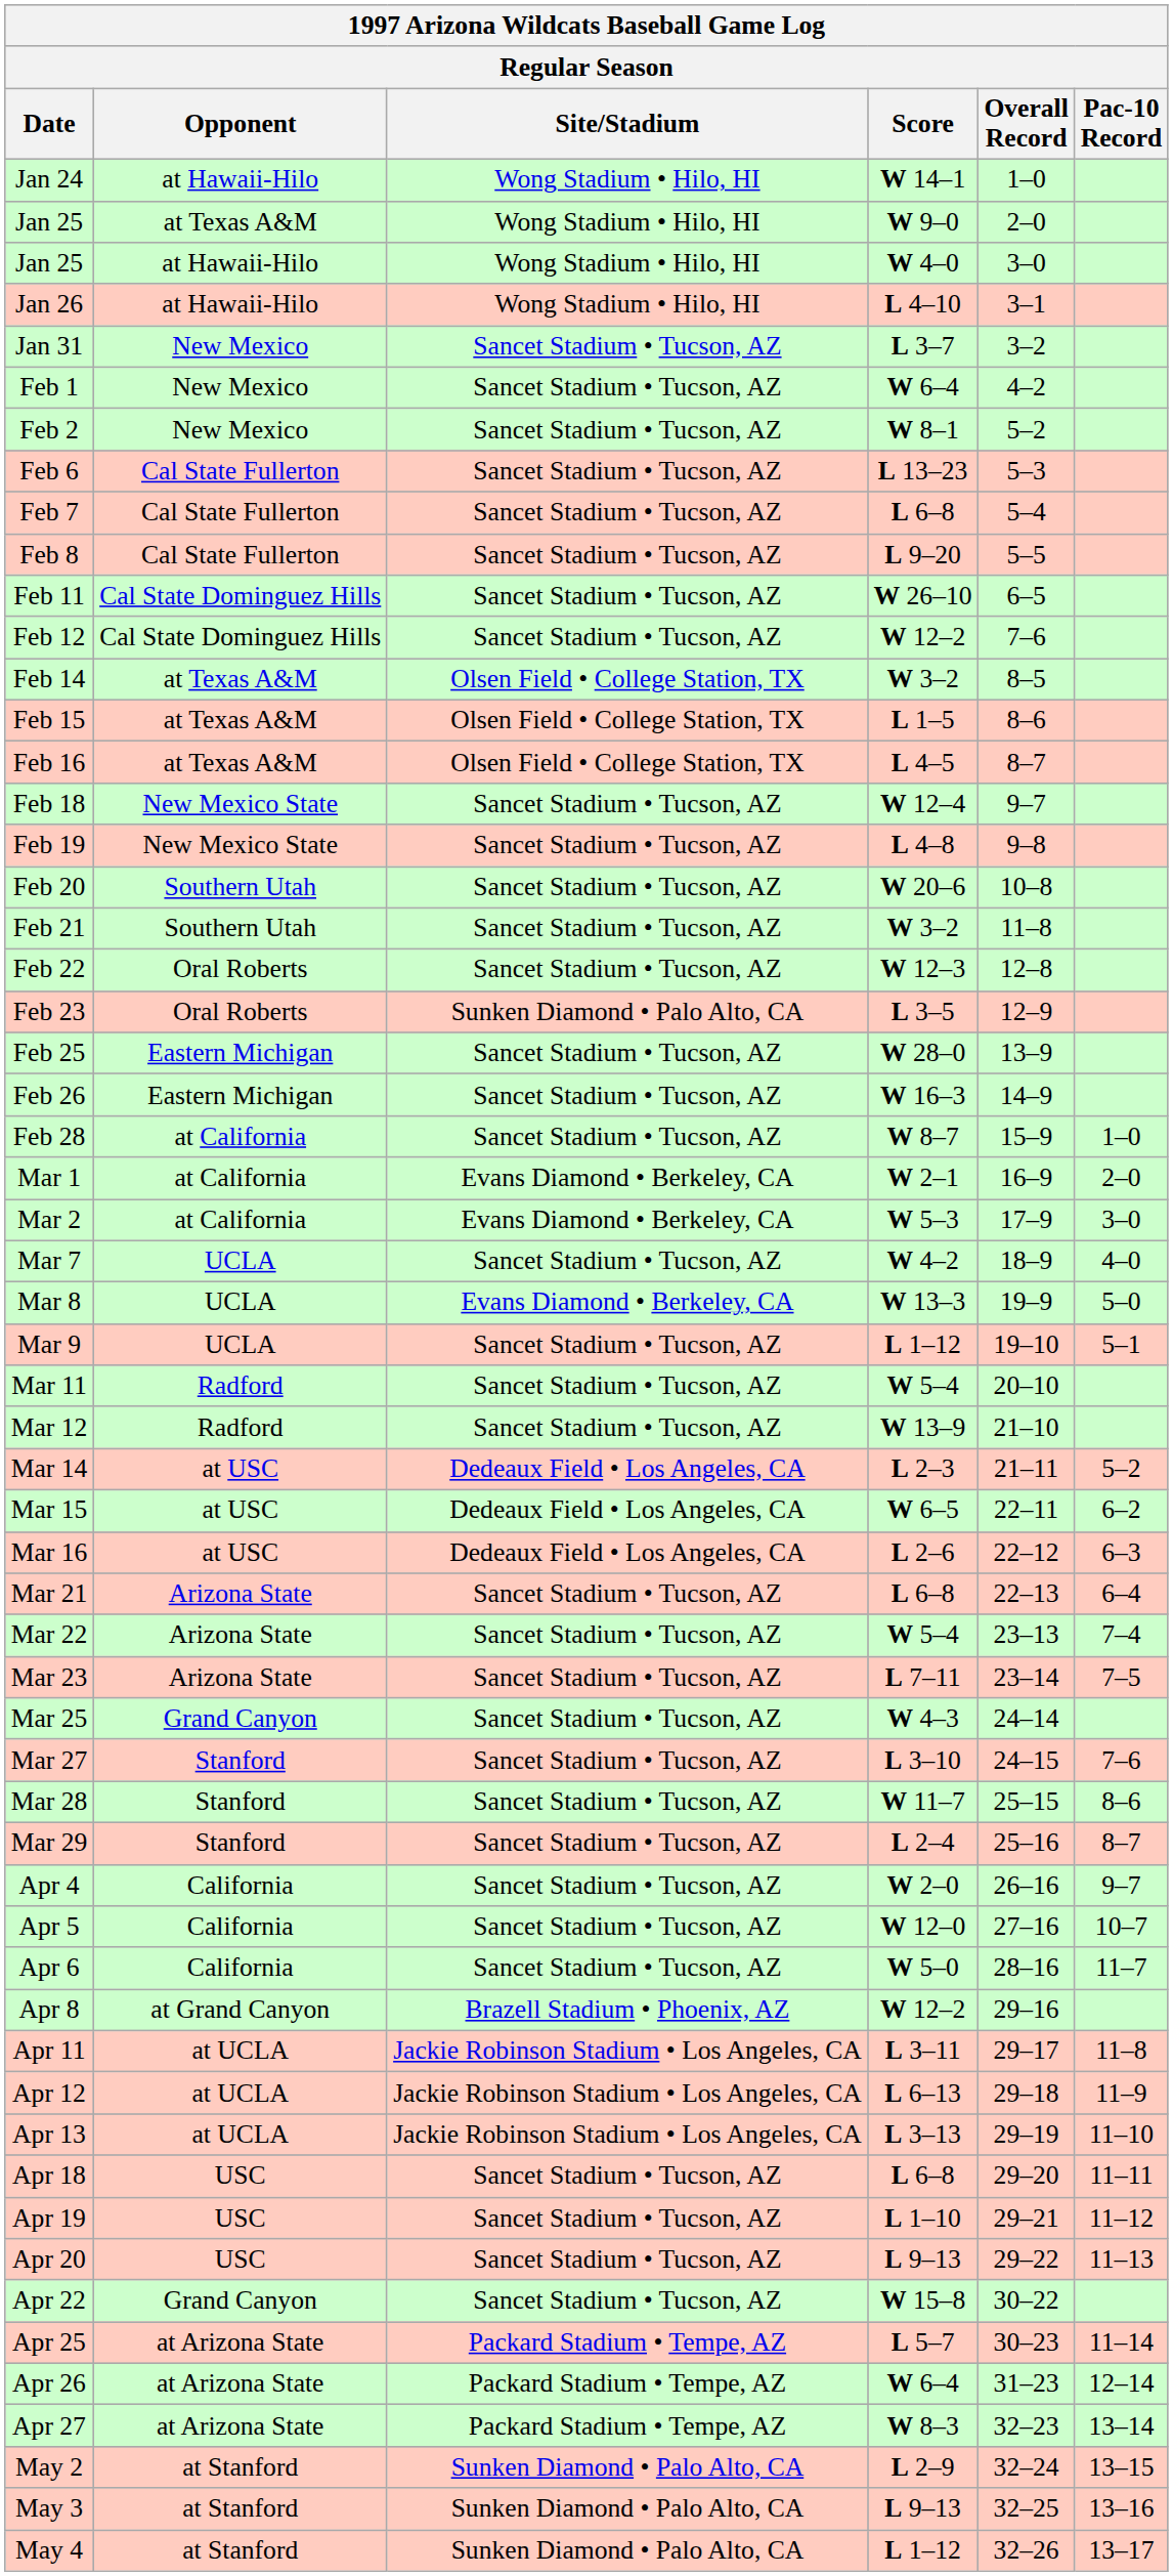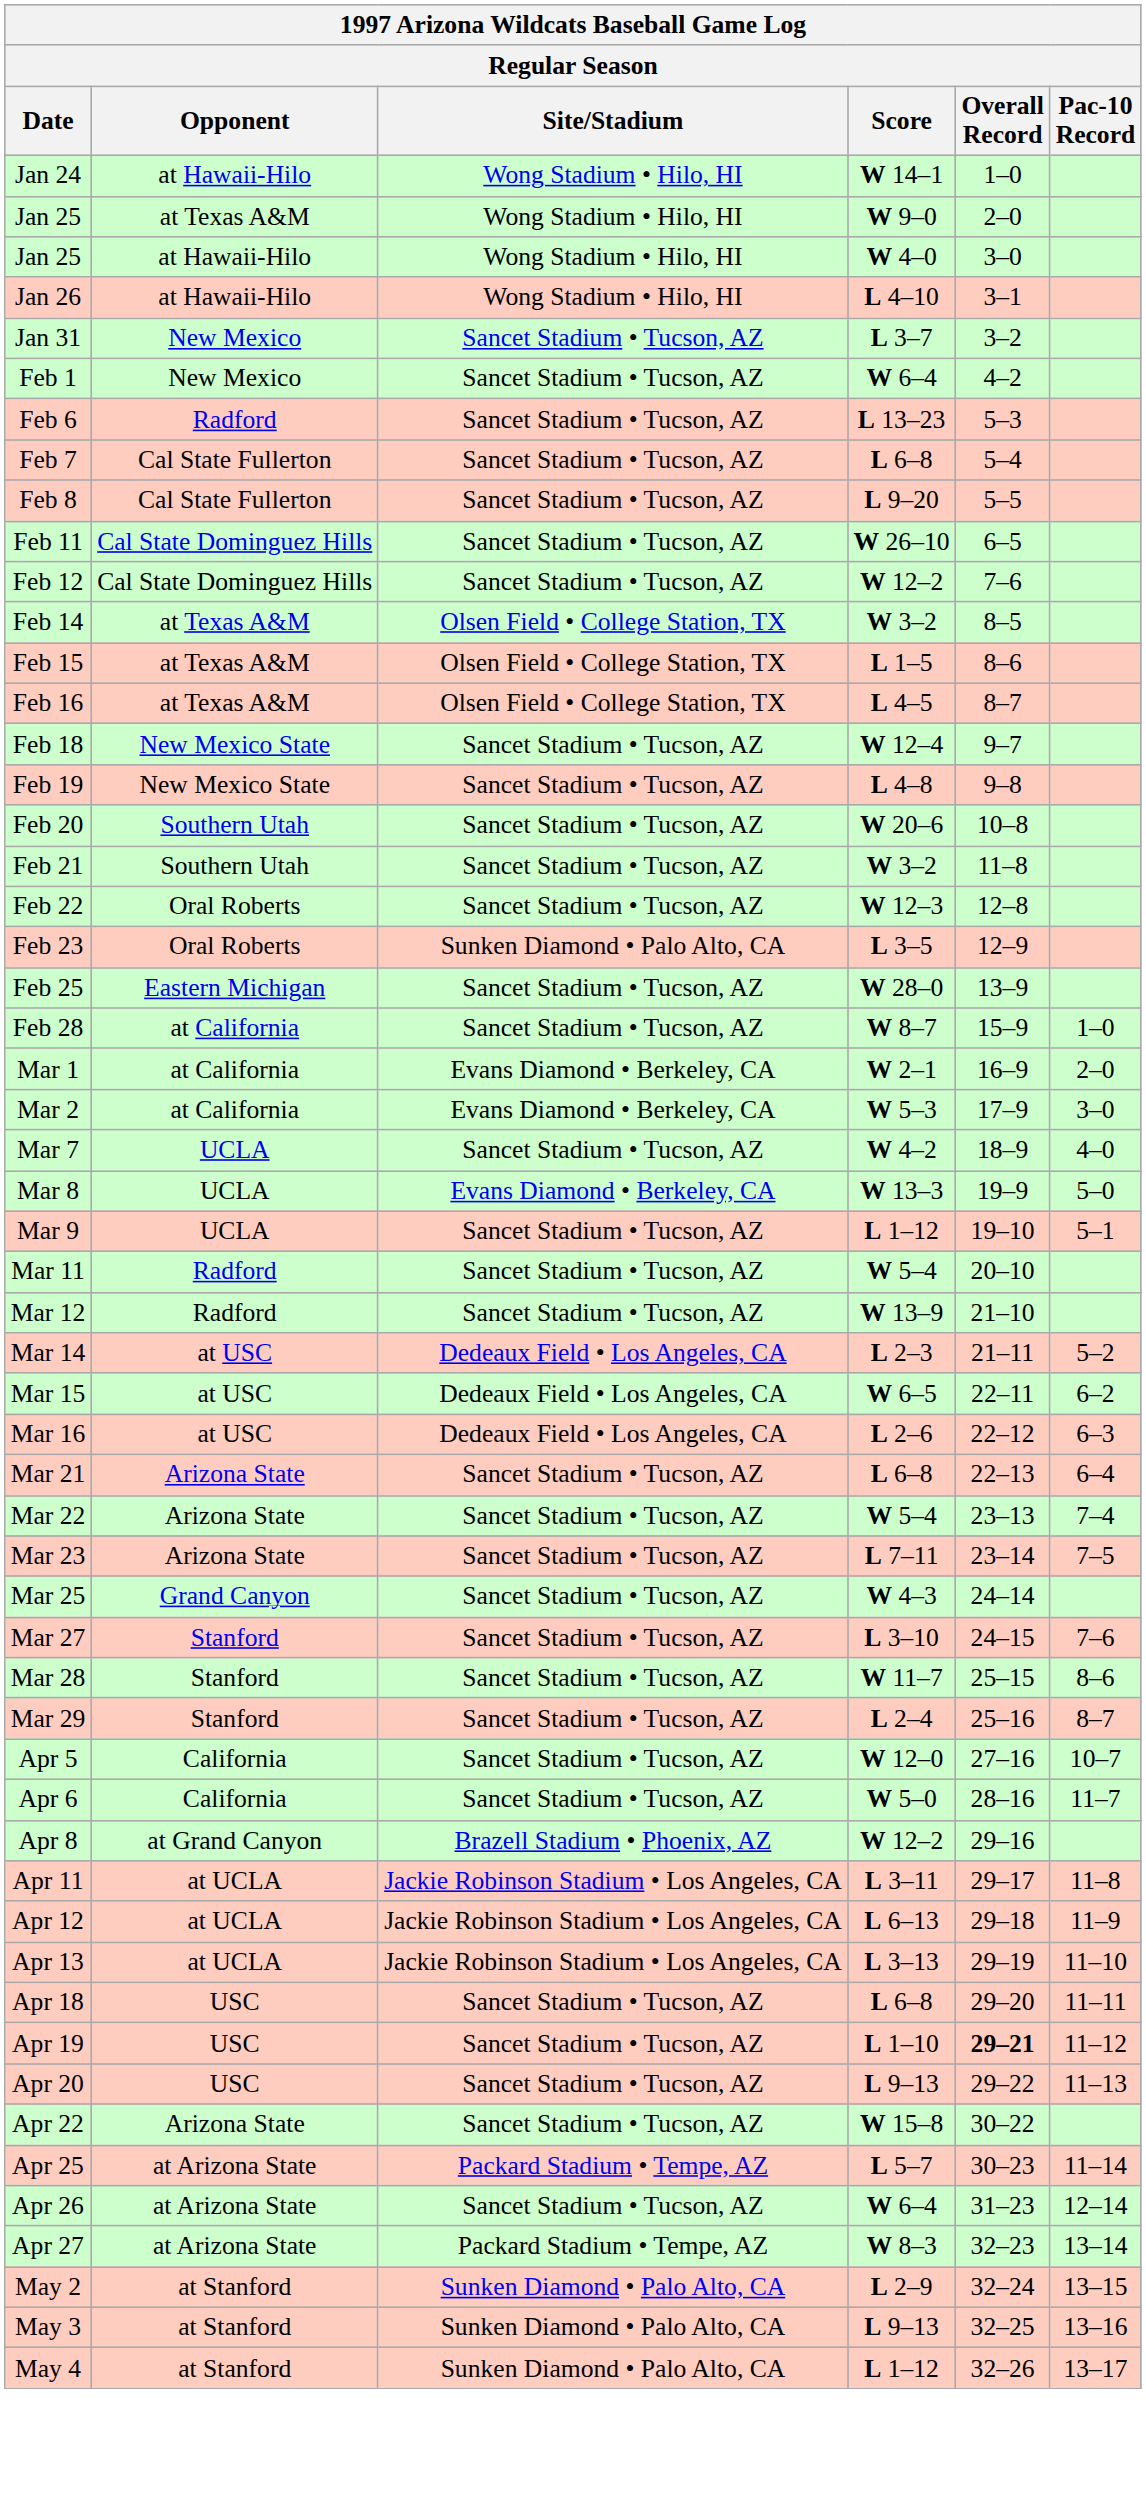 <table class="wikitable">
 <tr>
 <th colspan="6">1997 Arizona Wildcats Baseball Game Log</th>
 </tr>
 <tr>
 <th colspan="6">Regular Season</th>
 </tr>
 <tr>
 <th>Date</th>
 <th>Opponent</th>
 <th>Site/Stadium</th>
 <th>Score</th>
 <th>Overall<br>Record</th>
 <th>Pac-10<br>Record</th>
 </tr>
 <tr bgcolor="ccffcc" align="center">
 <td>Jan 24</td>
 <td>at <a href='#'>Hawaii-Hilo</a></td>
 <td><a href='#'>Wong Stadium</a> • <a href='#'>Hilo, HI</a></td>
 <td><strong>W</strong> 14–1</td>
 <td>1–0</td>
 <td></td>
 </tr>
 <tr bgcolor="ccffcc" align="center">
 <td>Jan 25</td>
 <td>at Texas A&M</td>
 <td>Wong Stadium • Hilo, HI</td>
 <td><strong>W</strong> 9–0</td>
 <td>2–0</td>
 <td></td>
 </tr>
 <tr bgcolor="ccffcc" align="center">
 <td>Jan 25</td>
 <td>at Hawaii-Hilo</td>
 <td>Wong Stadium • Hilo, HI</td>
 <td><strong>W</strong> 4–0</td>
 <td>3–0</td>
 <td></td>
 </tr>
 <tr bgcolor="ffccc" align="center">
 <td>Jan 26</td>
 <td>at Hawaii-Hilo</td>
 <td>Wong Stadium • Hilo, HI</td>
 <td><strong>L</strong> 4–10</td>
 <td>3–1</td>
 <td></td>
 </tr>
 <tr bgcolor="ccffcc" align="center">
 <td>Jan 31</td>
 <td><a href='#'>New Mexico</a></td>
 <td><a href='#'>Sancet Stadium</a> • <a href='#'>Tucson, AZ</a></td>
 <td><strong>L</strong> 3–7</td>
 <td>3–2</td>
 <td></td>
 </tr>
 <tr bgcolor="ccffcc" align="center">
 <td>Feb 1</td>
 <td>New Mexico</td>
 <td>Sancet Stadium • Tucson, AZ</td>
 <td><strong>W</strong> 6–4</td>
 <td>4–2</td>
 <td></td>
 </tr>
-<tr bgcolor="ccffcc" align="center">
-<td>Feb 2</td>
-<td>New Mexico</td>
-<td>Sancet Stadium • Tucson, AZ</td>
-<td><strong>W</strong> 8–1</td>
-<td>5–2</td>
-<td></td>
-</tr>
 <tr bgcolor="ffccc" align="center">
 <td>Feb 6</td>
-<td><a href='#'>Cal State Fullerton</a></td>
+<td><a href='#'>Radford</a></td>
 <td>Sancet Stadium • Tucson, AZ</td>
 <td><strong>L</strong> 13–23</td>
 <td>5–3</td>
 <td></td>
 </tr>
 <tr bgcolor="ffccc" align="center">
 <td>Feb 7</td>
 <td>Cal State Fullerton</td>
 <td>Sancet Stadium • Tucson, AZ</td>
 <td><strong>L</strong> 6–8</td>
 <td>5–4</td>
 <td></td>
 </tr>
 <tr bgcolor="ffccc" align="center">
 <td>Feb 8</td>
 <td>Cal State Fullerton</td>
 <td>Sancet Stadium • Tucson, AZ</td>
 <td><strong>L</strong> 9–20</td>
 <td>5–5</td>
 <td></td>
 </tr>
 <tr bgcolor="ccffcc" align="center">
 <td>Feb 11</td>
 <td><a href='#'>Cal State Dominguez Hills</a></td>
 <td>Sancet Stadium • Tucson, AZ</td>
 <td><strong>W</strong> 26–10</td>
 <td>6–5</td>
 <td></td>
 </tr>
 <tr bgcolor="ccffcc" align="center">
 <td>Feb 12</td>
 <td>Cal State Dominguez Hills</td>
 <td>Sancet Stadium • Tucson, AZ</td>
 <td><strong>W</strong> 12–2</td>
 <td>7–6</td>
 <td></td>
 </tr>
 <tr bgcolor="ccffcc" align="center">
 <td>Feb 14</td>
 <td>at <a href='#'>Texas A&M</a></td>
 <td><a href='#'>Olsen Field</a> • <a href='#'>College Station, TX</a></td>
 <td><strong>W</strong> 3–2</td>
 <td>8–5</td>
 <td></td>
 </tr>
 <tr bgcolor="ffccc" align="center">
 <td>Feb 15</td>
 <td>at Texas A&M</td>
 <td>Olsen Field • College Station, TX</td>
 <td><strong>L</strong> 1–5</td>
 <td>8–6</td>
 <td></td>
 </tr>
 <tr bgcolor="ffccc" align="center">
 <td>Feb 16</td>
 <td>at Texas A&M</td>
 <td>Olsen Field • College Station, TX</td>
 <td><strong>L</strong> 4–5</td>
 <td>8–7</td>
 <td></td>
 </tr>
 <tr bgcolor="ccffcc" align="center">
 <td>Feb 18</td>
 <td><a href='#'>New Mexico State</a></td>
 <td>Sancet Stadium • Tucson, AZ</td>
 <td><strong>W</strong> 12–4</td>
 <td>9–7</td>
 <td></td>
 </tr>
 <tr bgcolor="ffccc" align="center">
 <td>Feb 19</td>
 <td>New Mexico State</td>
 <td>Sancet Stadium • Tucson, AZ</td>
 <td><strong>L</strong> 4–8</td>
 <td>9–8</td>
 <td></td>
 </tr>
 <tr bgcolor="ccffcc" align="center">
 <td>Feb 20</td>
 <td><a href='#'>Southern Utah</a></td>
 <td>Sancet Stadium • Tucson, AZ</td>
 <td><strong>W</strong> 20–6</td>
 <td>10–8</td>
 <td></td>
 </tr>
 <tr bgcolor="ccffcc" align="center">
 <td>Feb 21</td>
 <td>Southern Utah</td>
 <td>Sancet Stadium • Tucson, AZ</td>
 <td><strong>W</strong> 3–2</td>
 <td>11–8</td>
 <td></td>
 </tr>
 <tr bgcolor="ccffcc" align="center">
 <td>Feb 22</td>
 <td>Oral Roberts</td>
 <td>Sancet Stadium • Tucson, AZ</td>
 <td><strong>W</strong> 12–3</td>
 <td>12–8</td>
 <td></td>
 </tr>
 <tr bgcolor="ffccc" align="center">
 <td>Feb 23</td>
 <td>Oral Roberts</td>
 <td>Sunken Diamond • Palo Alto, CA</td>
 <td><strong>L</strong> 3–5</td>
 <td>12–9</td>
 <td></td>
 </tr>
 <tr bgcolor="ccffcc" align="center">
 <td>Feb 25</td>
 <td><a href='#'>Eastern Michigan</a></td>
 <td>Sancet Stadium • Tucson, AZ</td>
 <td><strong>W</strong> 28–0</td>
 <td>13–9</td>
-<td></td>
-</tr>
-<tr bgcolor="ccffcc" align="center">
-<td>Feb 26</td>
-<td>Eastern Michigan</td>
-<td>Sancet Stadium • Tucson, AZ</td>
-<td><strong>W</strong> 16–3</td>
-<td>14–9</td>
 <td></td>
 </tr>
 <tr bgcolor="ccffcc" align="center">
 <td>Feb 28</td>
 <td>at <a href='#'>California</a></td>
 <td>Sancet Stadium • Tucson, AZ</td>
 <td><strong>W</strong> 8–7</td>
 <td>15–9</td>
 <td>1–0</td>
 </tr>
 <tr bgcolor="ccffcc" align="center">
 <td>Mar 1</td>
 <td>at California</td>
 <td>Evans Diamond • Berkeley, CA</td>
 <td><strong>W</strong> 2–1</td>
 <td>16–9</td>
 <td>2–0</td>
 </tr>
 <tr bgcolor="ccffcc" align="center">
 <td>Mar 2</td>
 <td>at California</td>
 <td>Evans Diamond • Berkeley, CA</td>
 <td><strong>W</strong> 5–3</td>
 <td>17–9</td>
 <td>3–0</td>
 </tr>
 <tr bgcolor="ccffcc" align="center">
 <td>Mar 7</td>
 <td><a href='#'>UCLA</a></td>
 <td>Sancet Stadium • Tucson, AZ</td>
 <td><strong>W</strong> 4–2</td>
 <td>18–9</td>
 <td>4–0</td>
 </tr>
 <tr bgcolor="ccffcc" align="center">
 <td>Mar 8</td>
 <td>UCLA</td>
 <td><a href='#'>Evans Diamond</a> • <a href='#'>Berkeley, CA</a></td>
 <td><strong>W</strong> 13–3</td>
 <td>19–9</td>
 <td>5–0</td>
 </tr>
 <tr bgcolor="ffccc" align="center">
 <td>Mar 9</td>
 <td>UCLA</td>
 <td>Sancet Stadium • Tucson, AZ</td>
 <td><strong>L</strong> 1–12</td>
 <td>19–10</td>
 <td>5–1</td>
 </tr>
 <tr bgcolor="ccffcc" align="center">
 <td>Mar 11</td>
 <td><a href='#'>Radford</a></td>
 <td>Sancet Stadium • Tucson, AZ</td>
 <td><strong>W</strong> 5–4</td>
 <td>20–10</td>
 <td></td>
 </tr>
 <tr bgcolor="ccffcc" align="center">
 <td>Mar 12</td>
 <td>Radford</td>
 <td>Sancet Stadium • Tucson, AZ</td>
 <td><strong>W</strong> 13–9</td>
 <td>21–10</td>
 <td></td>
 </tr>
 <tr bgcolor="ffccc" align="center">
 <td>Mar 14</td>
 <td>at <a href='#'>USC</a></td>
 <td><a href='#'>Dedeaux Field</a> • <a href='#'>Los Angeles, CA</a></td>
 <td><strong>L</strong> 2–3</td>
 <td>21–11</td>
 <td>5–2</td>
 </tr>
 <tr bgcolor="ccffcc" align="center">
 <td>Mar 15</td>
 <td>at USC</td>
 <td>Dedeaux Field • Los Angeles, CA</td>
 <td><strong>W</strong> 6–5</td>
 <td>22–11</td>
 <td>6–2</td>
 </tr>
 <tr bgcolor="ffccc" align="center">
 <td>Mar 16</td>
 <td>at USC</td>
 <td>Dedeaux Field • Los Angeles, CA</td>
 <td><strong>L</strong> 2–6</td>
 <td>22–12</td>
 <td>6–3</td>
 </tr>
 <tr bgcolor="ffccc" align="center">
 <td>Mar 21</td>
 <td><a href='#'>Arizona State</a></td>
 <td>Sancet Stadium • Tucson, AZ</td>
 <td><strong>L</strong> 6–8</td>
 <td>22–13</td>
 <td>6–4</td>
 </tr>
 <tr bgcolor="ccffcc" align="center">
 <td>Mar 22</td>
 <td>Arizona State</td>
 <td>Sancet Stadium • Tucson, AZ</td>
 <td><strong>W</strong> 5–4</td>
 <td>23–13</td>
 <td>7–4</td>
 </tr>
 <tr bgcolor="ffccc" align="center">
 <td>Mar 23</td>
 <td>Arizona State</td>
 <td>Sancet Stadium • Tucson, AZ</td>
 <td><strong>L</strong> 7–11</td>
 <td>23–14</td>
 <td>7–5</td>
 </tr>
 <tr bgcolor="ccffcc" align="center">
 <td>Mar 25</td>
 <td><a href='#'>Grand Canyon</a></td>
 <td>Sancet Stadium • Tucson, AZ</td>
 <td><strong>W</strong> 4–3</td>
 <td>24–14</td>
 <td></td>
 </tr>
 <tr bgcolor="ffccc" align="center">
 <td>Mar 27</td>
 <td><a href='#'>Stanford</a></td>
 <td>Sancet Stadium • Tucson, AZ</td>
 <td><strong>L</strong> 3–10</td>
 <td>24–15</td>
 <td>7–6</td>
 </tr>
 <tr bgcolor="ccffcc" align="center">
 <td>Mar 28</td>
 <td>Stanford</td>
 <td>Sancet Stadium • Tucson, AZ</td>
 <td><strong>W</strong> 11–7</td>
 <td>25–15</td>
 <td>8–6</td>
 </tr>
 <tr bgcolor="ffccc" align="center">
 <td>Mar 29</td>
 <td>Stanford</td>
 <td>Sancet Stadium • Tucson, AZ</td>
 <td><strong>L</strong> 2–4</td>
 <td>25–16</td>
 <td>8–7</td>
 </tr>
 <tr bgcolor="ccffcc" align="center">
-<td>Apr 4</td>
-<td>California</td>
-<td>Sancet Stadium • Tucson, AZ</td>
-<td><strong>W</strong> 2–0</td>
-<td>26–16</td>
-<td>9–7</td>
-</tr>
-<tr bgcolor="ccffcc" align="center">
 <td>Apr 5</td>
 <td>California</td>
 <td>Sancet Stadium • Tucson, AZ</td>
 <td><strong>W</strong> 12–0</td>
 <td>27–16</td>
 <td>10–7</td>
 </tr>
 <tr bgcolor="ccffcc" align="center">
 <td>Apr 6</td>
 <td>California</td>
 <td>Sancet Stadium • Tucson, AZ</td>
 <td><strong>W</strong> 5–0</td>
 <td>28–16</td>
 <td>11–7</td>
 </tr>
 <tr bgcolor="ccffcc" align="center">
 <td>Apr 8</td>
 <td>at Grand Canyon</td>
 <td><a href='#'>Brazell Stadium</a> • <a href='#'>Phoenix, AZ</a></td>
 <td><strong>W</strong> 12–2</td>
 <td>29–16</td>
 <td></td>
 </tr>
 <tr bgcolor="ffccc" align="center">
 <td>Apr 11</td>
 <td>at UCLA</td>
 <td><a href='#'>Jackie Robinson Stadium</a> • Los Angeles, CA</td>
 <td><strong>L</strong> 3–11</td>
 <td>29–17</td>
 <td>11–8</td>
 </tr>
 <tr bgcolor="ffccc" align="center">
 <td>Apr 12</td>
 <td>at UCLA</td>
 <td>Jackie Robinson Stadium • Los Angeles, CA</td>
 <td><strong>L</strong> 6–13</td>
 <td>29–18</td>
 <td>11–9</td>
 </tr>
 <tr bgcolor="ffccc" align="center">
 <td>Apr 13</td>
 <td>at UCLA</td>
 <td>Jackie Robinson Stadium • Los Angeles, CA</td>
 <td><strong>L</strong> 3–13</td>
 <td>29–19</td>
 <td>11–10</td>
 </tr>
 <tr bgcolor="ffccc" align="center">
 <td>Apr 18</td>
 <td>USC</td>
 <td>Sancet Stadium • Tucson, AZ</td>
 <td><strong>L</strong> 6–8</td>
 <td>29–20</td>
 <td>11–11</td>
 </tr>
 <tr bgcolor="ffccc" align="center">
 <td>Apr 19</td>
 <td>USC</td>
 <td>Sancet Stadium • Tucson, AZ</td>
 <td><strong>L</strong> 1–10</td>
-<td>29–21</td>
+<td><strong>29–21</strong></td>
 <td>11–12</td>
 </tr>
 <tr bgcolor="ffccc" align="center">
 <td>Apr 20</td>
 <td>USC</td>
 <td>Sancet Stadium • Tucson, AZ</td>
 <td><strong>L</strong> 9–13</td>
 <td>29–22</td>
 <td>11–13</td>
 </tr>
 <tr bgcolor="ccffcc" align="center">
 <td>Apr 22</td>
-<td>Grand Canyon</td>
+<td>Arizona State</td>
 <td>Sancet Stadium • Tucson, AZ</td>
 <td><strong>W</strong> 15–8</td>
 <td>30–22</td>
 <td></td>
 </tr>
 <tr bgcolor="ffccc" align="center">
 <td>Apr 25</td>
 <td>at Arizona State</td>
 <td><a href='#'>Packard Stadium</a> • <a href='#'>Tempe, AZ</a></td>
 <td><strong>L</strong> 5–7</td>
 <td>30–23</td>
 <td>11–14</td>
 </tr>
 <tr bgcolor="ccffcc" align="center">
 <td>Apr 26</td>
 <td>at Arizona State</td>
-<td>Packard Stadium • Tempe, AZ</td>
+<td>Sancet Stadium • Tucson, AZ</td>
 <td><strong>W</strong> 6–4</td>
 <td>31–23</td>
 <td>12–14</td>
 </tr>
 <tr bgcolor="ccffcc" align="center">
 <td>Apr 27</td>
 <td>at Arizona State</td>
 <td>Packard Stadium • Tempe, AZ</td>
 <td><strong>W</strong> 8–3</td>
 <td>32–23</td>
 <td>13–14</td>
 </tr>
 <tr bgcolor="ffccc" align="center">
 <td>May 2</td>
 <td>at Stanford</td>
 <td><a href='#'>Sunken Diamond</a> • <a href='#'>Palo Alto, CA</a></td>
 <td><strong>L</strong> 2–9</td>
 <td>32–24</td>
 <td>13–15</td>
 </tr>
 <tr bgcolor="ffccc" align="center">
 <td>May 3</td>
 <td>at Stanford</td>
 <td>Sunken Diamond • Palo Alto, CA</td>
 <td><strong>L</strong> 9–13</td>
 <td>32–25</td>
 <td>13–16</td>
 </tr>
 <tr bgcolor="ffccc" align="center">
 <td>May 4</td>
 <td>at Stanford</td>
 <td>Sunken Diamond • Palo Alto, CA</td>
 <td><strong>L</strong> 1–12</td>
 <td>32–26</td>
 <td>13–17</td>
 </tr>
 </table>
